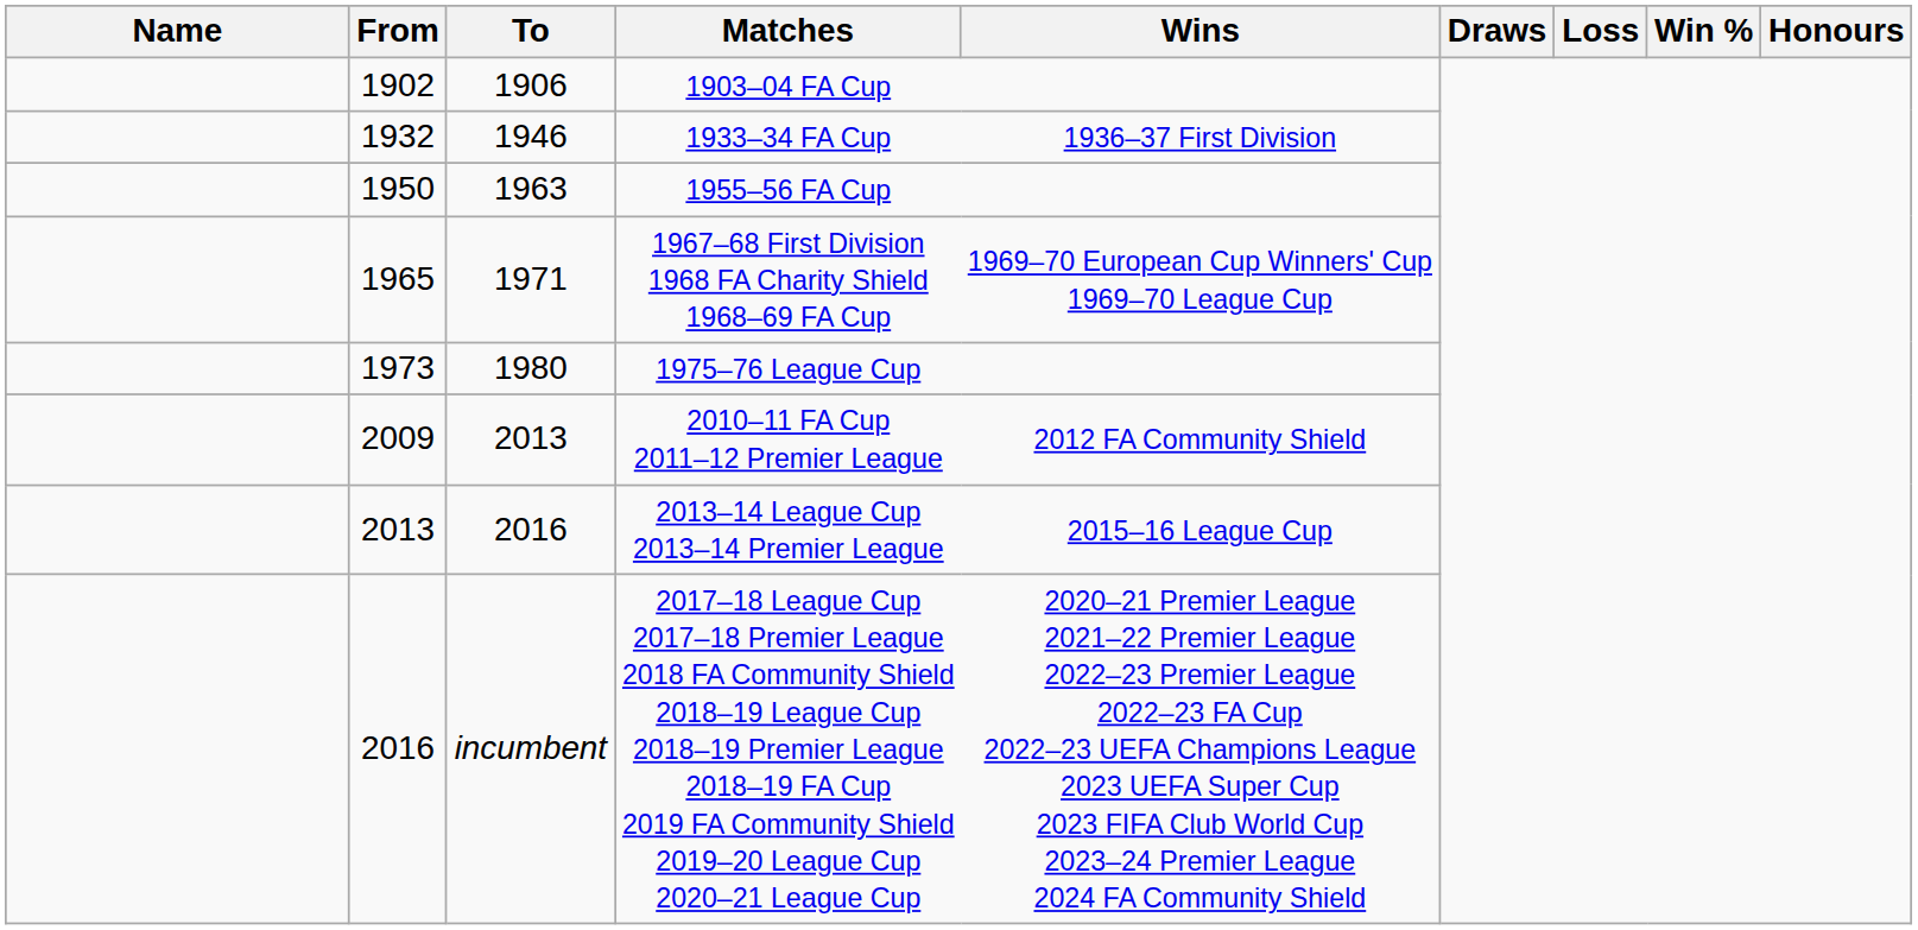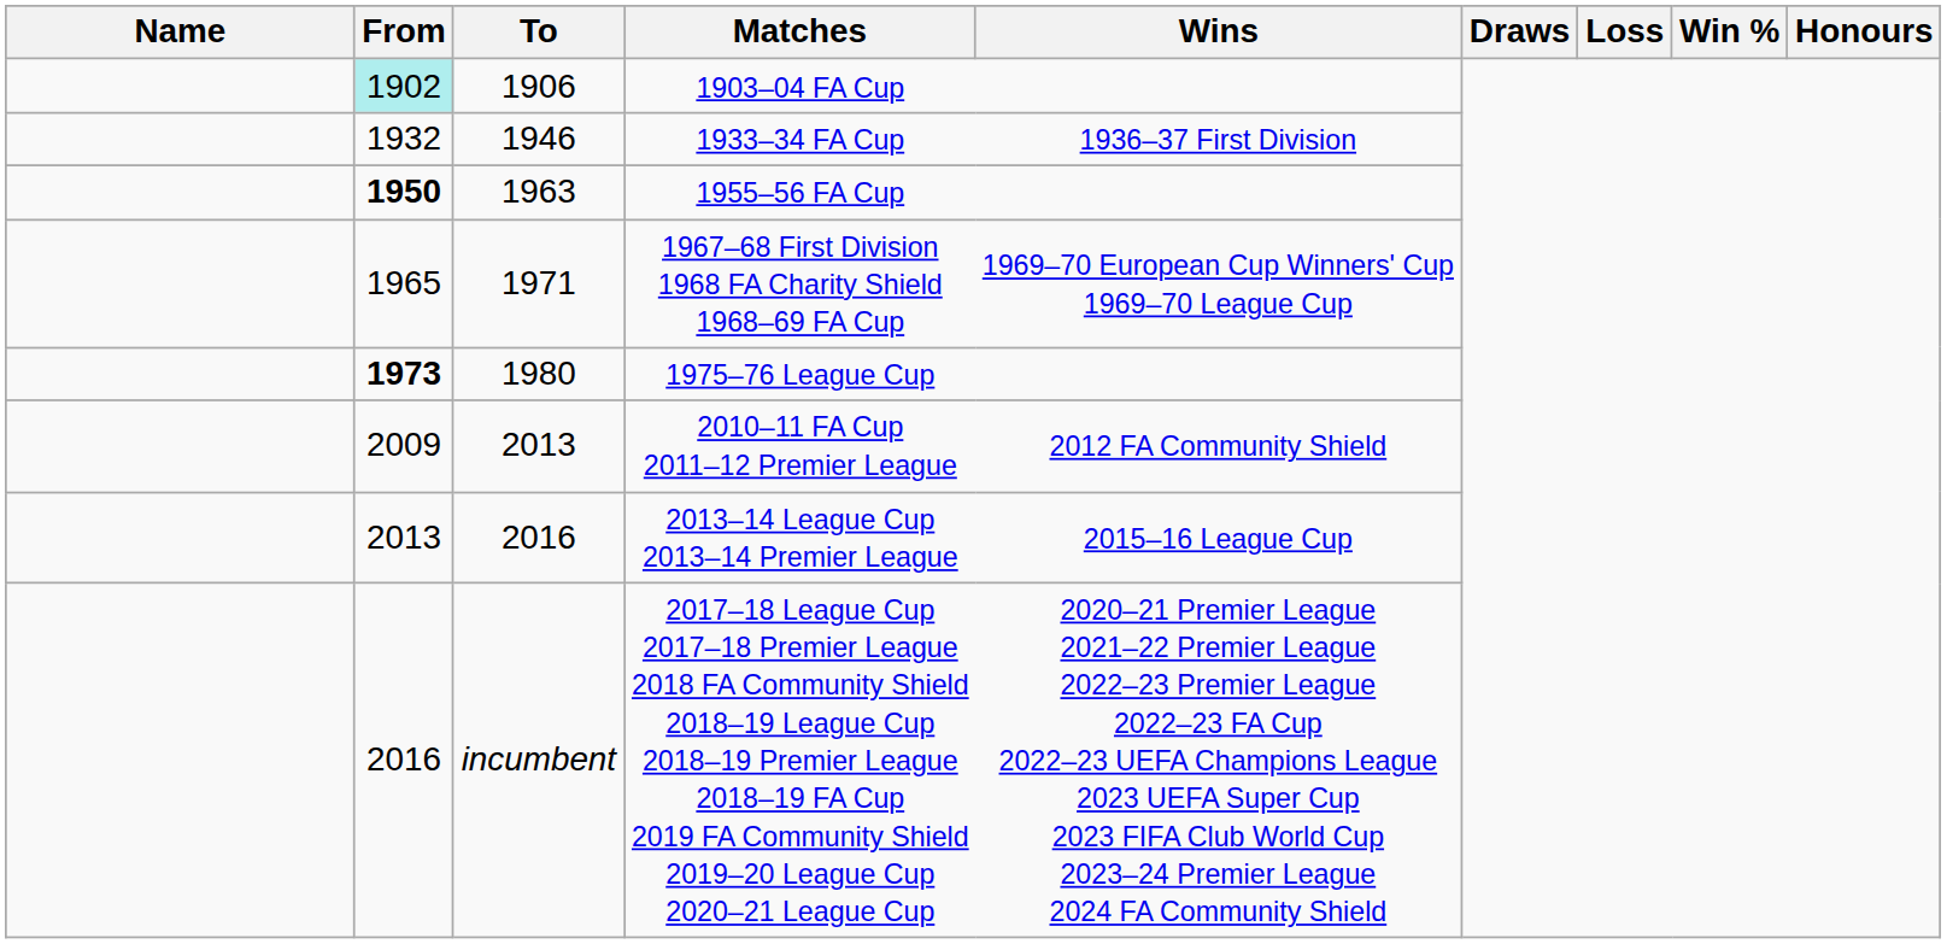 <table class="wikitable" style="text-align:center">
 <tr>
 <th style="width: 18%;">Name</th>
 <th>From</th>
 <th>To</th>
 <th>Matches</th>
 <th>Wins</th>
 <th>Draws</th>
 <th>Loss</th>
 <th>Win %</th>
 <th colspan="2">Honours</th>
 </tr>
 <tr>
 <td align=left></td>
-<td>1902</td>
+<td style="background: paleturquoise;">1902</td>
 <td>1906<br></td>
 <td style="border-style:solid none  solid  solid;"><small><a href='#'>1903–04 FA Cup</a></small></td>
 <td style="border-style:solid solid solid  none;"></td>
 </tr>
 <tr>
 <td align=left></td>
 <td>1932</td>
 <td>1946<br></td>
 <td style="border-style:solid none  solid  solid;"><small><a href='#'>1933–34 FA Cup</a></small></td>
 <td style="border-style:solid solid solid  none;"><small><a href='#'>1936–37 First Division</a></small></td>
 </tr>
 <tr>
 <td align=left></td>
-<td>1950</td>
+<td><strong>1950</strong></td>
 <td>1963<br></td>
 <td style="border-style:solid none  solid  solid;"><small><a href='#'>1955–56 FA Cup</a></small></td>
 <td style="border-style:solid solid solid  none;"></td>
 </tr>
 <tr>
 <td align=left></td>
 <td>1965</td>
 <td>1971<br></td>
 <td style="border-style:solid none  solid  solid;"><small><a href='#'>1967–68 First Division</a><br><a href='#'>1968 FA Charity Shield</a><br><a href='#'>1968–69 FA Cup</a></small></td>
 <td style="border-style:solid solid solid  none;"><small><a href='#'>1969–70 European Cup Winners' Cup</a><br><a href='#'>1969–70 League Cup</a></small></td>
 </tr>
 <tr>
 <td align=left></td>
-<td>1973</td>
+<td><strong>1973</strong></td>
 <td>1980<br></td>
 <td style="border-style:solid none  solid  solid;"><small><a href='#'>1975–76 League Cup</a></small></td>
 <td style="border-style:solid solid solid  none;"></td>
 </tr>
 <tr>
 <td align="left"></td>
 <td>2009</td>
 <td>2013<br></td>
 <td style="border-style:solid none  solid  solid;"><small><a href='#'>2010–11 FA Cup</a><br><a href='#'>2011–12 Premier League</a></small></td>
 <td style="border-style:solid solid solid  none;"><small><a href='#'>2012 FA Community Shield</a></small></td>
 </tr>
 <tr>
 <td align=left></td>
 <td>2013</td>
 <td>2016<br></td>
 <td style="border-style:solid none  solid  solid;"><small><a href='#'>2013–14 League Cup</a><br><a href='#'>2013–14 Premier League</a></small></td>
 <td style="border-style:solid solid solid  none;"><small><a href='#'>2015–16 League Cup</a></small></td>
 </tr>
 <tr>
 <td align=left></td>
 <td>2016</td>
 <td><em>incumbent</em><br></td>
 <td style="border-style:solid none  solid  solid;"><small><a href='#'>2017–18 League Cup</a><br><a href='#'>2017–18 Premier League</a><br><a href='#'>2018 FA Community Shield</a><br><a href='#'>2018–19 League Cup</a><br><a href='#'>2018–19 Premier League</a><br><a href='#'>2018–19 FA Cup</a><br><a href='#'>2019 FA Community Shield</a><br><a href='#'>2019–20 League Cup</a><br><a href='#'>2020–21 League Cup</a></small></td>
 <td style="border-style:solid solid solid  none;"><small><a href='#'>2020–21 Premier League</a><br><a href='#'>2021–22 Premier League</a><br><a href='#'>2022–23 Premier League</a><br><a href='#'>2022–23 FA Cup</a><br><a href='#'>2022–23 UEFA Champions League</a><br><a href='#'>2023 UEFA Super Cup</a><br><a href='#'>2023 FIFA Club World Cup</a><br><a href='#'>2023–24 Premier League</a><br><a href='#'>2024 FA Community Shield</a></small></td>
 </tr>
 </table>
